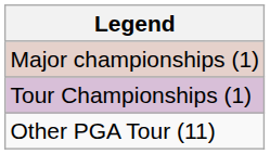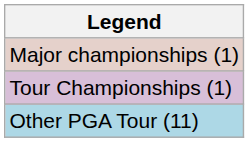 <table class="wikitable" style="font-size:95%;">
 <tr>
 <th>Legend</th>
 </tr>
 <tr style="background:#e5d1cb;">
 <td>Major championships (1)</td>
 </tr>
 <tr style="background:thistle;">
 <td>Tour Championships (1)</td>
 </tr>
 <tr>
-<td>Other PGA Tour (11)</td>
+<td style="background: lightblue;">Other PGA Tour (11)</td>
 </tr>
 </table>
